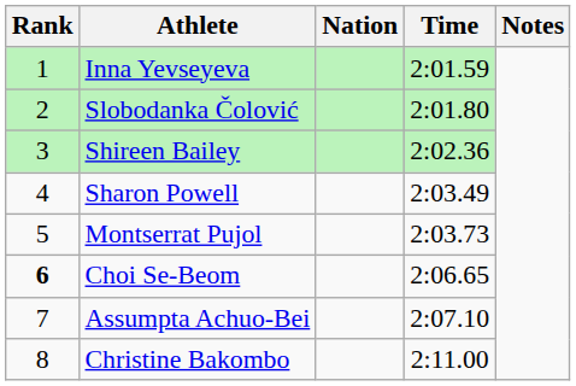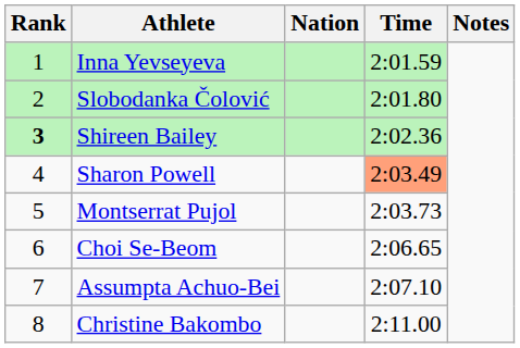 <table class="wikitable sortable" style="text-align:center">
 <tr>
 <th>Rank</th>
 <th>Athlete</th>
 <th>Nation</th>
 <th>Time</th>
 <th>Notes</th>
 </tr>
 <tr style="background:#bbf3bb;">
 <td>1</td>
 <td align=left><a href='#'>Inna Yevseyeva</a></td>
 <td align=left></td>
 <td>2:01.59</td>
 </tr>
 <tr style="background:#bbf3bb;">
 <td>2</td>
 <td align=left><a href='#'>Slobodanka Čolović</a></td>
 <td align=left></td>
 <td>2:01.80</td>
 </tr>
 <tr style="background:#bbf3bb;">
-<td>3</td>
+<td><strong>3</strong></td>
 <td align=left><a href='#'>Shireen Bailey</a></td>
 <td align=left></td>
 <td>2:02.36</td>
 </tr>
 <tr>
 <td>4</td>
 <td align=left><a href='#'>Sharon Powell</a></td>
 <td align=left></td>
-<td>2:03.49</td>
+<td style="background: lightsalmon;">2:03.49</td>
 </tr>
 <tr>
 <td>5</td>
 <td align=left><a href='#'>Montserrat Pujol</a></td>
 <td align=left></td>
 <td>2:03.73</td>
 </tr>
 <tr>
-<td><strong>6</strong></td>
+<td>6</td>
 <td align=left><a href='#'>Choi Se-Beom</a></td>
 <td align=left></td>
 <td>2:06.65</td>
 </tr>
 <tr>
 <td>7</td>
 <td align=left><a href='#'>Assumpta Achuo-Bei</a></td>
 <td align=left></td>
 <td>2:07.10</td>
 </tr>
 <tr>
 <td>8</td>
 <td align=left><a href='#'>Christine Bakombo</a></td>
 <td align=left></td>
 <td>2:11.00</td>
 </tr>
 </table>
